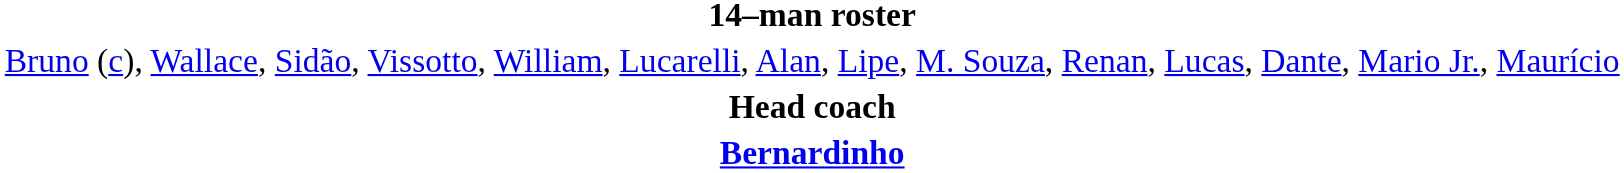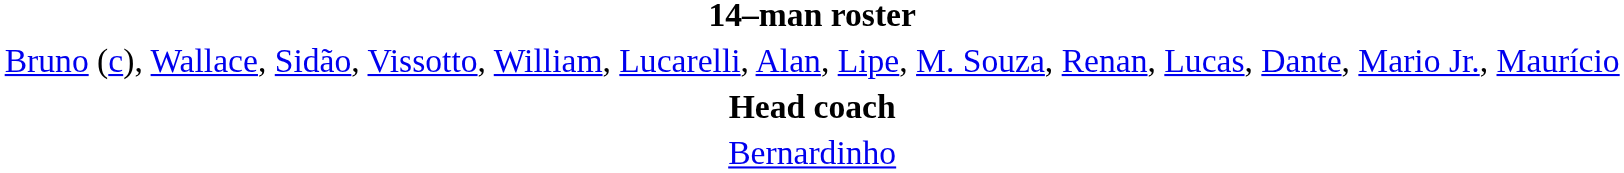 <table style="text-align: center; margin-top: 2em; margin-left: auto; margin-right: auto">
 <tr>
 <td><strong>14–man roster</strong></td>
 </tr>
 <tr>
 <td><a href='#'>Bruno</a> (<a href='#'>c</a>), <a href='#'>Wallace</a>, <a href='#'>Sidão</a>, <a href='#'>Vissotto</a>, <a href='#'>William</a>, <a href='#'>Lucarelli</a>, <a href='#'>Alan</a>, <a href='#'>Lipe</a>, <a href='#'>M. Souza</a>, <a href='#'>Renan</a>, <a href='#'>Lucas</a>, <a href='#'>Dante</a>, <a href='#'>Mario Jr.</a>, <a href='#'>Maurício</a></td>
 </tr>
 <tr>
 <td><strong>Head coach</strong></td>
 </tr>
 <tr>
-<td><strong><a href='#'>Bernardinho</a></strong></td>
+<td><a href='#'>Bernardinho</a></td>
 </tr>
 </table>
